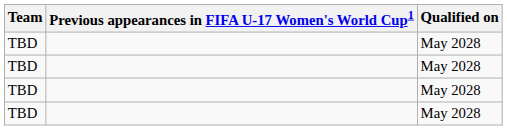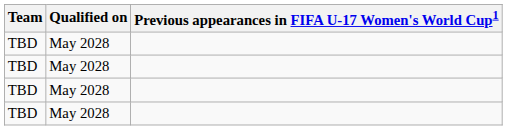 <table class="wikitable sortable">
 <tr>
 <th>Team</th>
+<th>Qualified on</th>
 <th data-sort-type="number">Previous appearances in <a href='#'>FIFA U-17 Women's World Cup</a><sup><strong><a href='#'>1</a></strong></sup></th>
-<th>Qualified on</th>
 </tr>
 <tr>
 <td>TBD</td>
+<td>May 2028</td>
 <td></td>
-<td>May 2028</td>
 </tr>
 <tr>
 <td>TBD</td>
+<td>May 2028</td>
 <td></td>
-<td>May 2028</td>
 </tr>
 <tr>
 <td>TBD</td>
+<td>May 2028</td>
 <td></td>
-<td>May 2028</td>
 </tr>
 <tr>
 <td>TBD</td>
+<td>May 2028</td>
 <td></td>
-<td>May 2028</td>
 </tr>
 </table>
